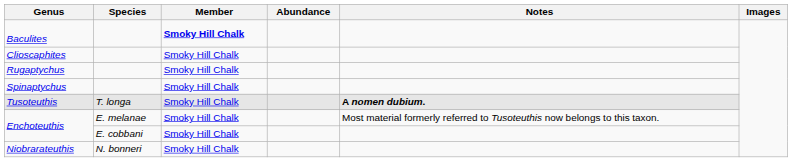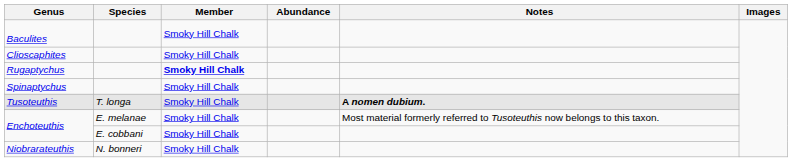 <table class="wikitable"  style="margin:auto; width:100%; width:100%;">
 <tr>
 <th>Genus</th>
 <th>Species</th>
 <th>Member</th>
 <th>Abundance</th>
 <th>Notes</th>
 <th>Images</th>
 </tr>
 <tr>
 <td><br><em><a href='#'>Baculites</a></em></td>
 <td></td>
-<td><strong><a href='#'>Smoky Hill Chalk</a></strong></td>
+<td><a href='#'>Smoky Hill Chalk</a></td>
 <td></td>
 <td></td>
 <td rowspan="34"><br></td>
 </tr>
 <tr>
 <td><em><a href='#'>Clioscaphites</a></em></td>
 <td></td>
 <td><a href='#'>Smoky Hill Chalk</a></td>
 <td></td>
 <td></td>
 </tr>
 <tr>
 <td><em><a href='#'>Rugaptychus</a></em></td>
 <td></td>
-<td><a href='#'>Smoky Hill Chalk</a></td>
+<td><strong><a href='#'>Smoky Hill Chalk</a></strong></td>
 <td></td>
 <td></td>
 </tr>
 <tr>
 <td><em><a href='#'>Spinaptychus</a></em></td>
 <td></td>
 <td><a href='#'>Smoky Hill Chalk</a></td>
 <td></td>
 <td></td>
 </tr>
 <tr>
 <td style="background:#E6E6E6;"><em><a href='#'>Tusoteuthis</a></em></td>
 <td style="background:#E6E6E6;"><em>T. longa</em></td>
 <td style="background:#E6E6E6;"><a href='#'>Smoky Hill Chalk</a></td>
 <td style="background:#E6E6E6;"></td>
 <td style="background:#E6E6E6;"><strong>A <em>nomen dubium</em>.</strong></td>
 </tr>
 <tr>
 <td rowspan=2><em><a href='#'>Enchoteuthis</a></em></td>
 <td><em>E. melanae</em></td>
 <td><a href='#'>Smoky Hill Chalk</a></td>
 <td></td>
 <td>Most material formerly referred to <em>Tusoteuthis</em> now belongs to this taxon.</td>
 </tr>
 <tr>
 <td><em>E. cobbani</em></td>
 <td><a href='#'>Smoky Hill Chalk</a></td>
 <td></td>
 <td></td>
 </tr>
 <tr>
 <td><em><a href='#'>Niobrarateuthis</a></em></td>
 <td><em>N. bonneri</em></td>
 <td><a href='#'>Smoky Hill Chalk</a></td>
 <td></td>
 <td></td>
 </tr>
 </table>
